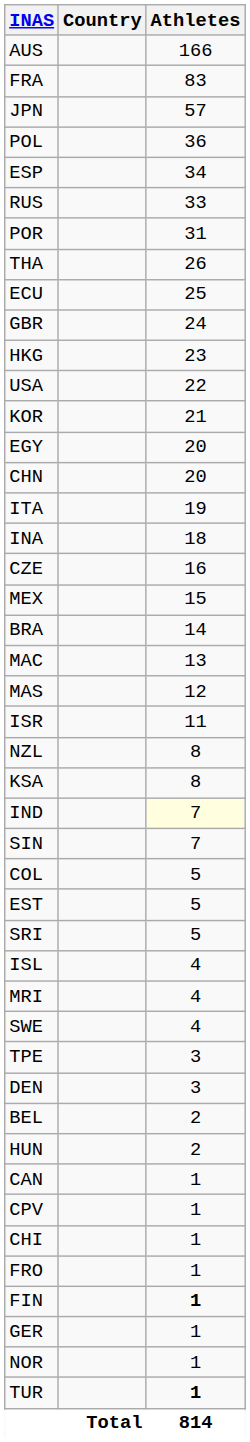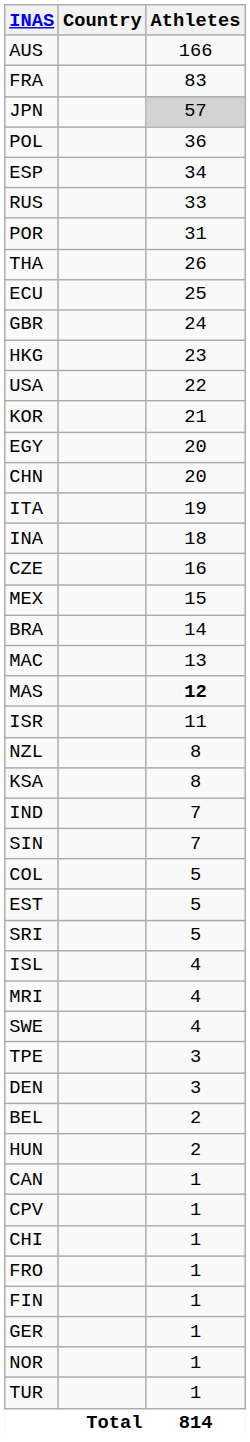 <table class="wikitable collapsible collapsed sortable" style="border:0;">
 <tr>
 <th><a href='#'>INAS</a></th>
 <th>Country</th>
 <th>Athletes</th>
 </tr>
 <tr>
 <td>AUS</td>
 <td></td>
 <td align=center>166</td>
 </tr>
 <tr>
 <td>FRA</td>
 <td></td>
 <td align=center>83</td>
 </tr>
 <tr>
 <td>JPN</td>
 <td></td>
-<td align=center>57</td>
+<td align=center style="background: lightgrey;">57</td>
 </tr>
 <tr>
 <td>POL</td>
 <td></td>
 <td align=center>36</td>
 </tr>
 <tr>
 <td>ESP</td>
 <td></td>
 <td align=center>34</td>
 </tr>
 <tr>
 <td>RUS</td>
 <td></td>
 <td align=center>33</td>
 </tr>
 <tr>
 <td>POR</td>
 <td></td>
 <td align=center>31</td>
 </tr>
 <tr>
 <td>THA</td>
 <td></td>
 <td align=center>26</td>
 </tr>
 <tr>
 <td>ECU</td>
 <td></td>
 <td align=center>25</td>
 </tr>
 <tr>
 <td>GBR</td>
 <td></td>
 <td align=center>24</td>
 </tr>
 <tr>
 <td>HKG</td>
 <td></td>
 <td align=center>23</td>
 </tr>
 <tr>
 <td>USA</td>
 <td></td>
 <td align=center>22</td>
 </tr>
 <tr>
 <td>KOR</td>
 <td></td>
 <td align=center>21</td>
 </tr>
 <tr>
 <td>EGY</td>
 <td></td>
 <td align=center>20</td>
 </tr>
 <tr>
 <td>CHN</td>
 <td></td>
 <td align=center>20</td>
 </tr>
 <tr>
 <td>ITA</td>
 <td></td>
 <td align=center>19</td>
 </tr>
 <tr>
 <td>INA</td>
 <td></td>
 <td align=center>18</td>
 </tr>
 <tr>
 <td>CZE</td>
 <td></td>
 <td align=center>16</td>
 </tr>
 <tr>
 <td>MEX</td>
 <td></td>
 <td align=center>15</td>
 </tr>
 <tr>
 <td>BRA</td>
 <td></td>
 <td align=center>14</td>
 </tr>
 <tr>
 <td>MAC</td>
 <td></td>
 <td align=center>13</td>
 </tr>
 <tr>
 <td>MAS</td>
 <td></td>
-<td align=center>12</td>
+<td align=center><strong>12</strong></td>
 </tr>
 <tr>
 <td>ISR</td>
 <td></td>
 <td align=center>11</td>
 </tr>
 <tr>
 <td>NZL</td>
 <td></td>
 <td align=center>8</td>
 </tr>
 <tr>
 <td>KSA</td>
 <td></td>
 <td align=center>8</td>
 </tr>
 <tr>
 <td>IND</td>
 <td></td>
-<td align=center style="background: lightyellow;">7</td>
+<td align=center>7</td>
 </tr>
 <tr>
 <td>SIN</td>
 <td></td>
 <td align=center>7</td>
 </tr>
 <tr>
 <td>COL</td>
 <td></td>
 <td align=center>5</td>
 </tr>
 <tr>
 <td>EST</td>
 <td></td>
 <td align=center>5</td>
 </tr>
 <tr>
 <td>SRI</td>
 <td></td>
 <td align=center>5</td>
 </tr>
 <tr>
 <td>ISL</td>
 <td></td>
 <td align=center>4</td>
 </tr>
 <tr>
 <td>MRI</td>
 <td></td>
 <td align=center>4</td>
 </tr>
 <tr>
 <td>SWE</td>
 <td></td>
 <td align=center>4</td>
 </tr>
 <tr>
 <td>TPE</td>
 <td></td>
 <td align=center>3</td>
 </tr>
 <tr>
 <td>DEN</td>
 <td></td>
 <td align=center>3</td>
 </tr>
 <tr>
 <td>BEL</td>
 <td></td>
 <td align=center>2</td>
 </tr>
 <tr>
 <td>HUN</td>
 <td></td>
 <td align=center>2</td>
 </tr>
 <tr>
 <td>CAN</td>
 <td></td>
 <td align=center>1</td>
 </tr>
 <tr>
 <td>CPV</td>
 <td></td>
 <td align=center>1</td>
 </tr>
 <tr>
 <td>CHI</td>
 <td></td>
 <td align=center>1</td>
 </tr>
 <tr>
 <td>FRO</td>
 <td></td>
 <td align=center>1</td>
 </tr>
 <tr>
 <td>FIN</td>
 <td></td>
-<td align=center><strong>1</strong></td>
+<td align=center>1</td>
 </tr>
 <tr>
 <td>GER</td>
 <td></td>
 <td align=center>1</td>
 </tr>
 <tr>
 <td>NOR</td>
 <td></td>
 <td align=center>1</td>
 </tr>
 <tr>
 <td>TUR</td>
 <td></td>
-<td align=center><strong>1</strong></td>
+<td align=center>1</td>
 </tr>
 <tr class="sortbottom">
 <td colspan=2; style="text-align:right; border:0px; background:#fff;"><strong>Total</strong></td>
 <td style="text-align:center; border:0px; background:#fff;"><strong>814</strong></td>
 </tr>
 <tr>
 </tr>
 </table>
